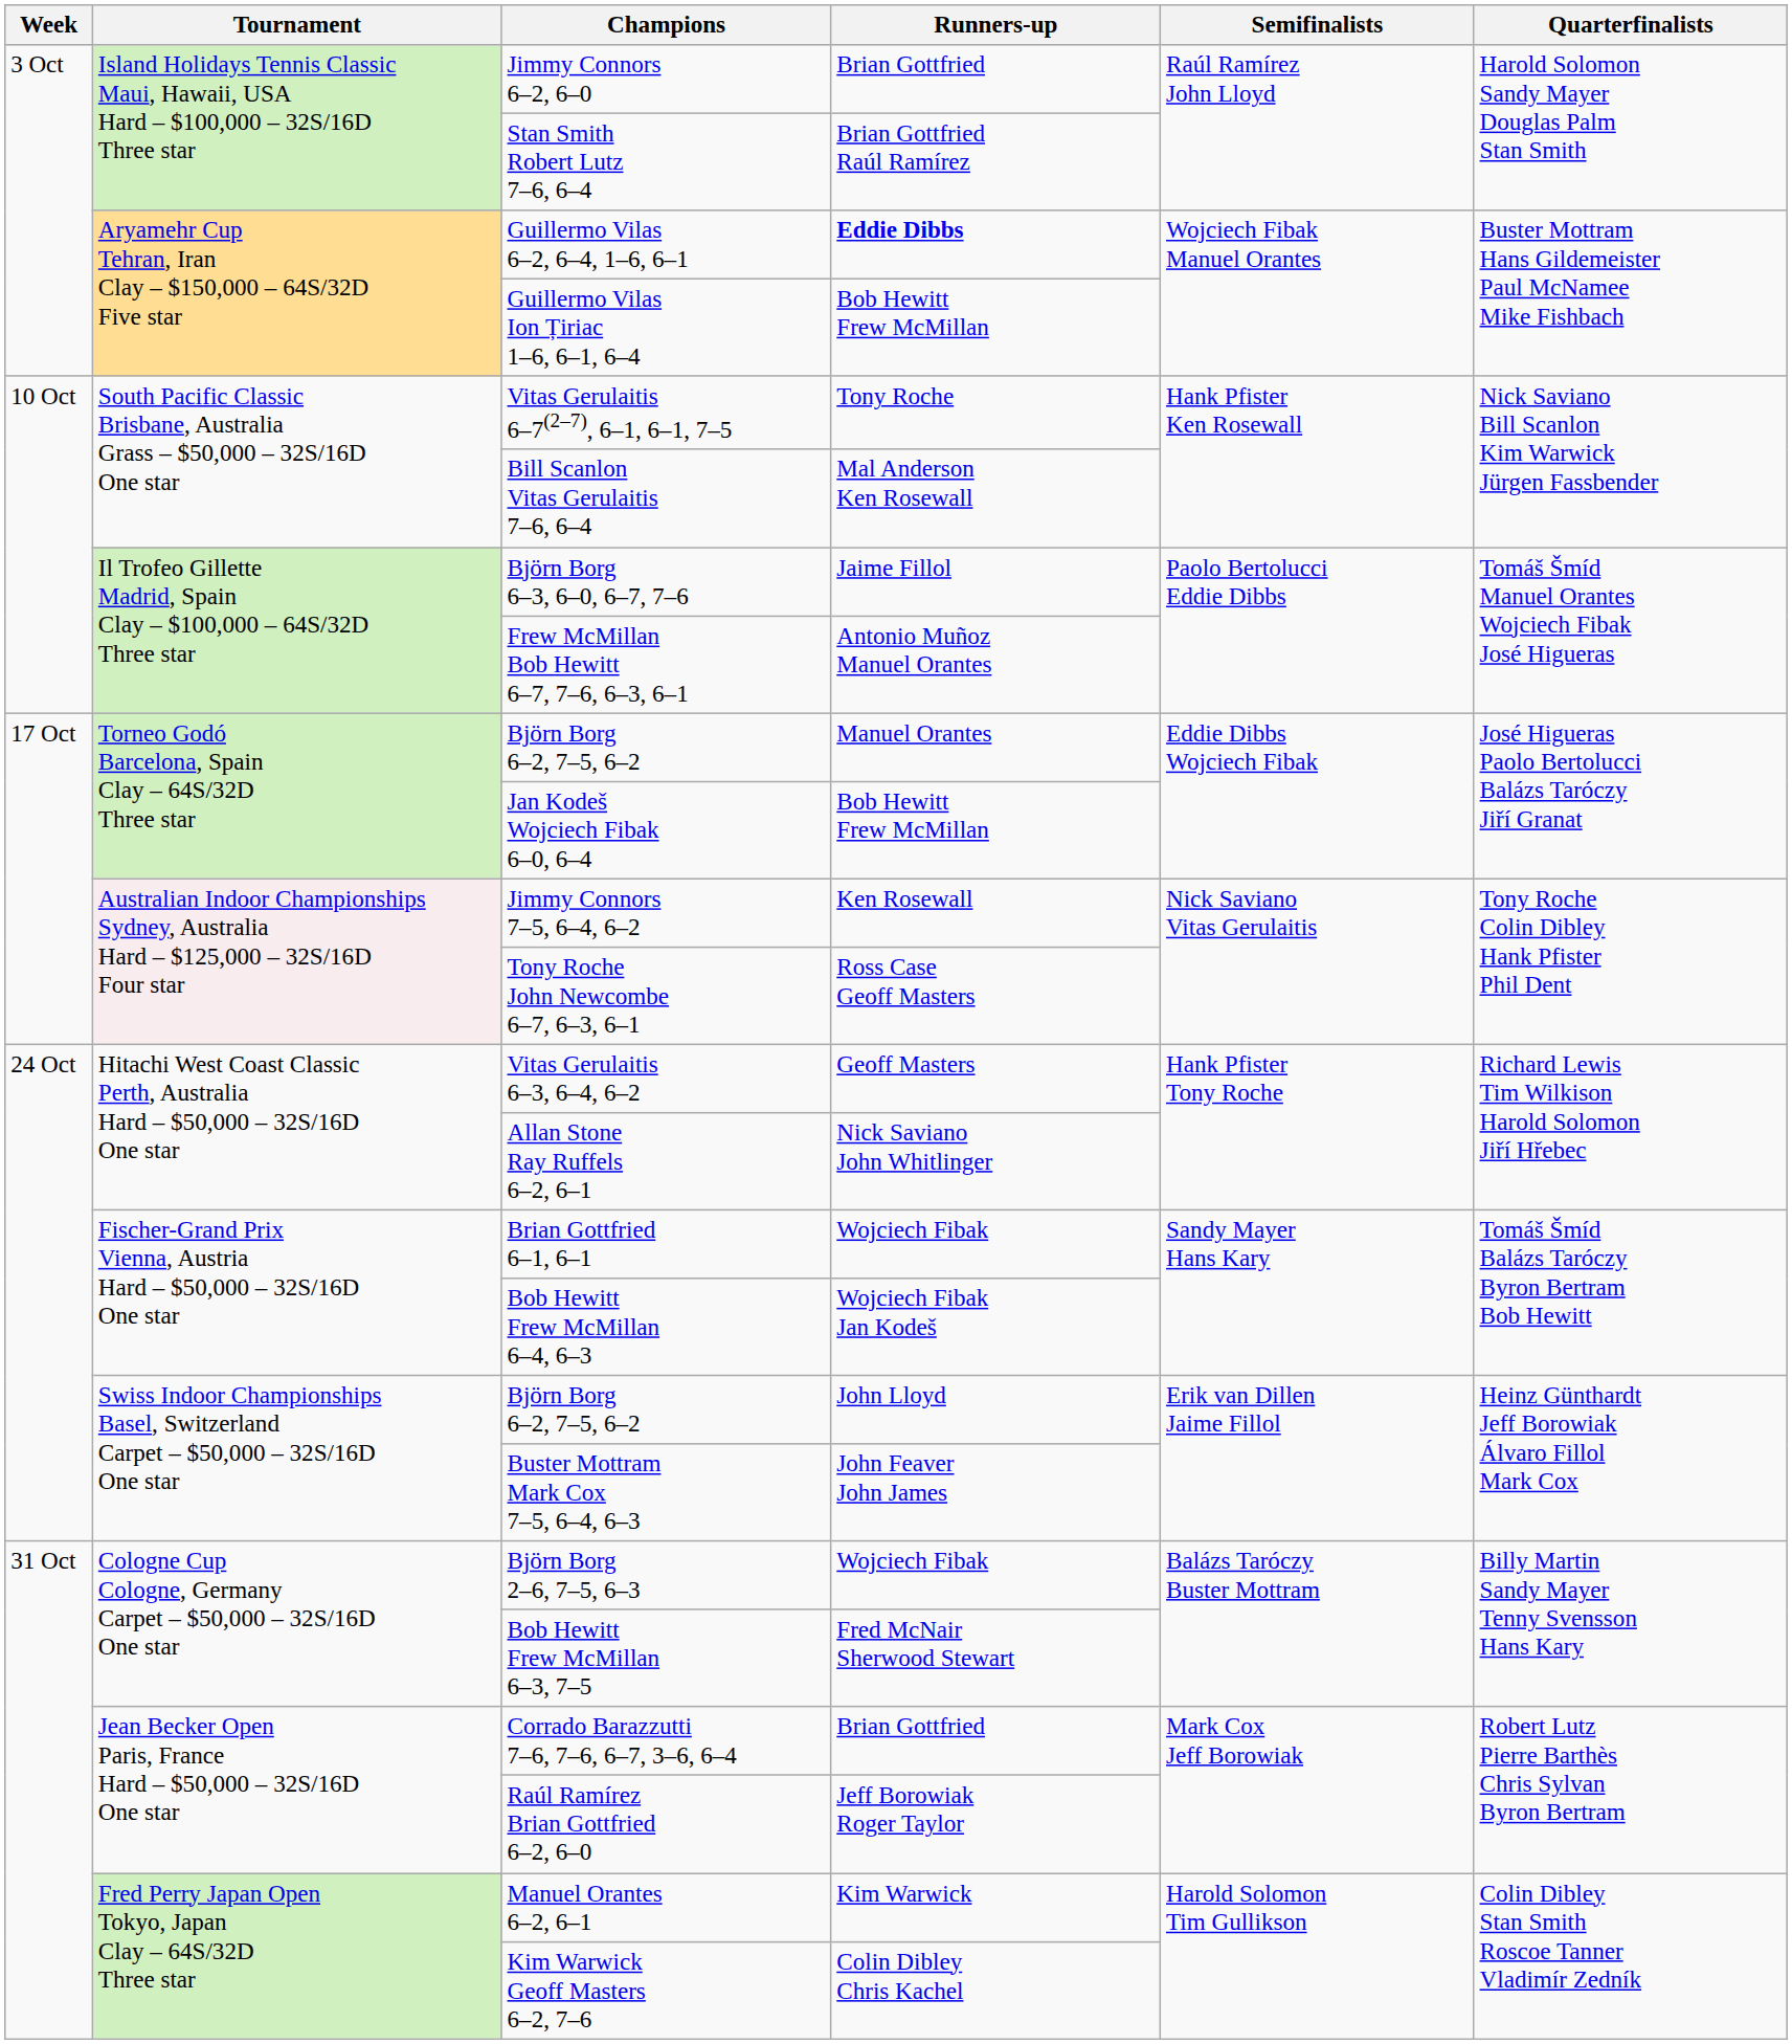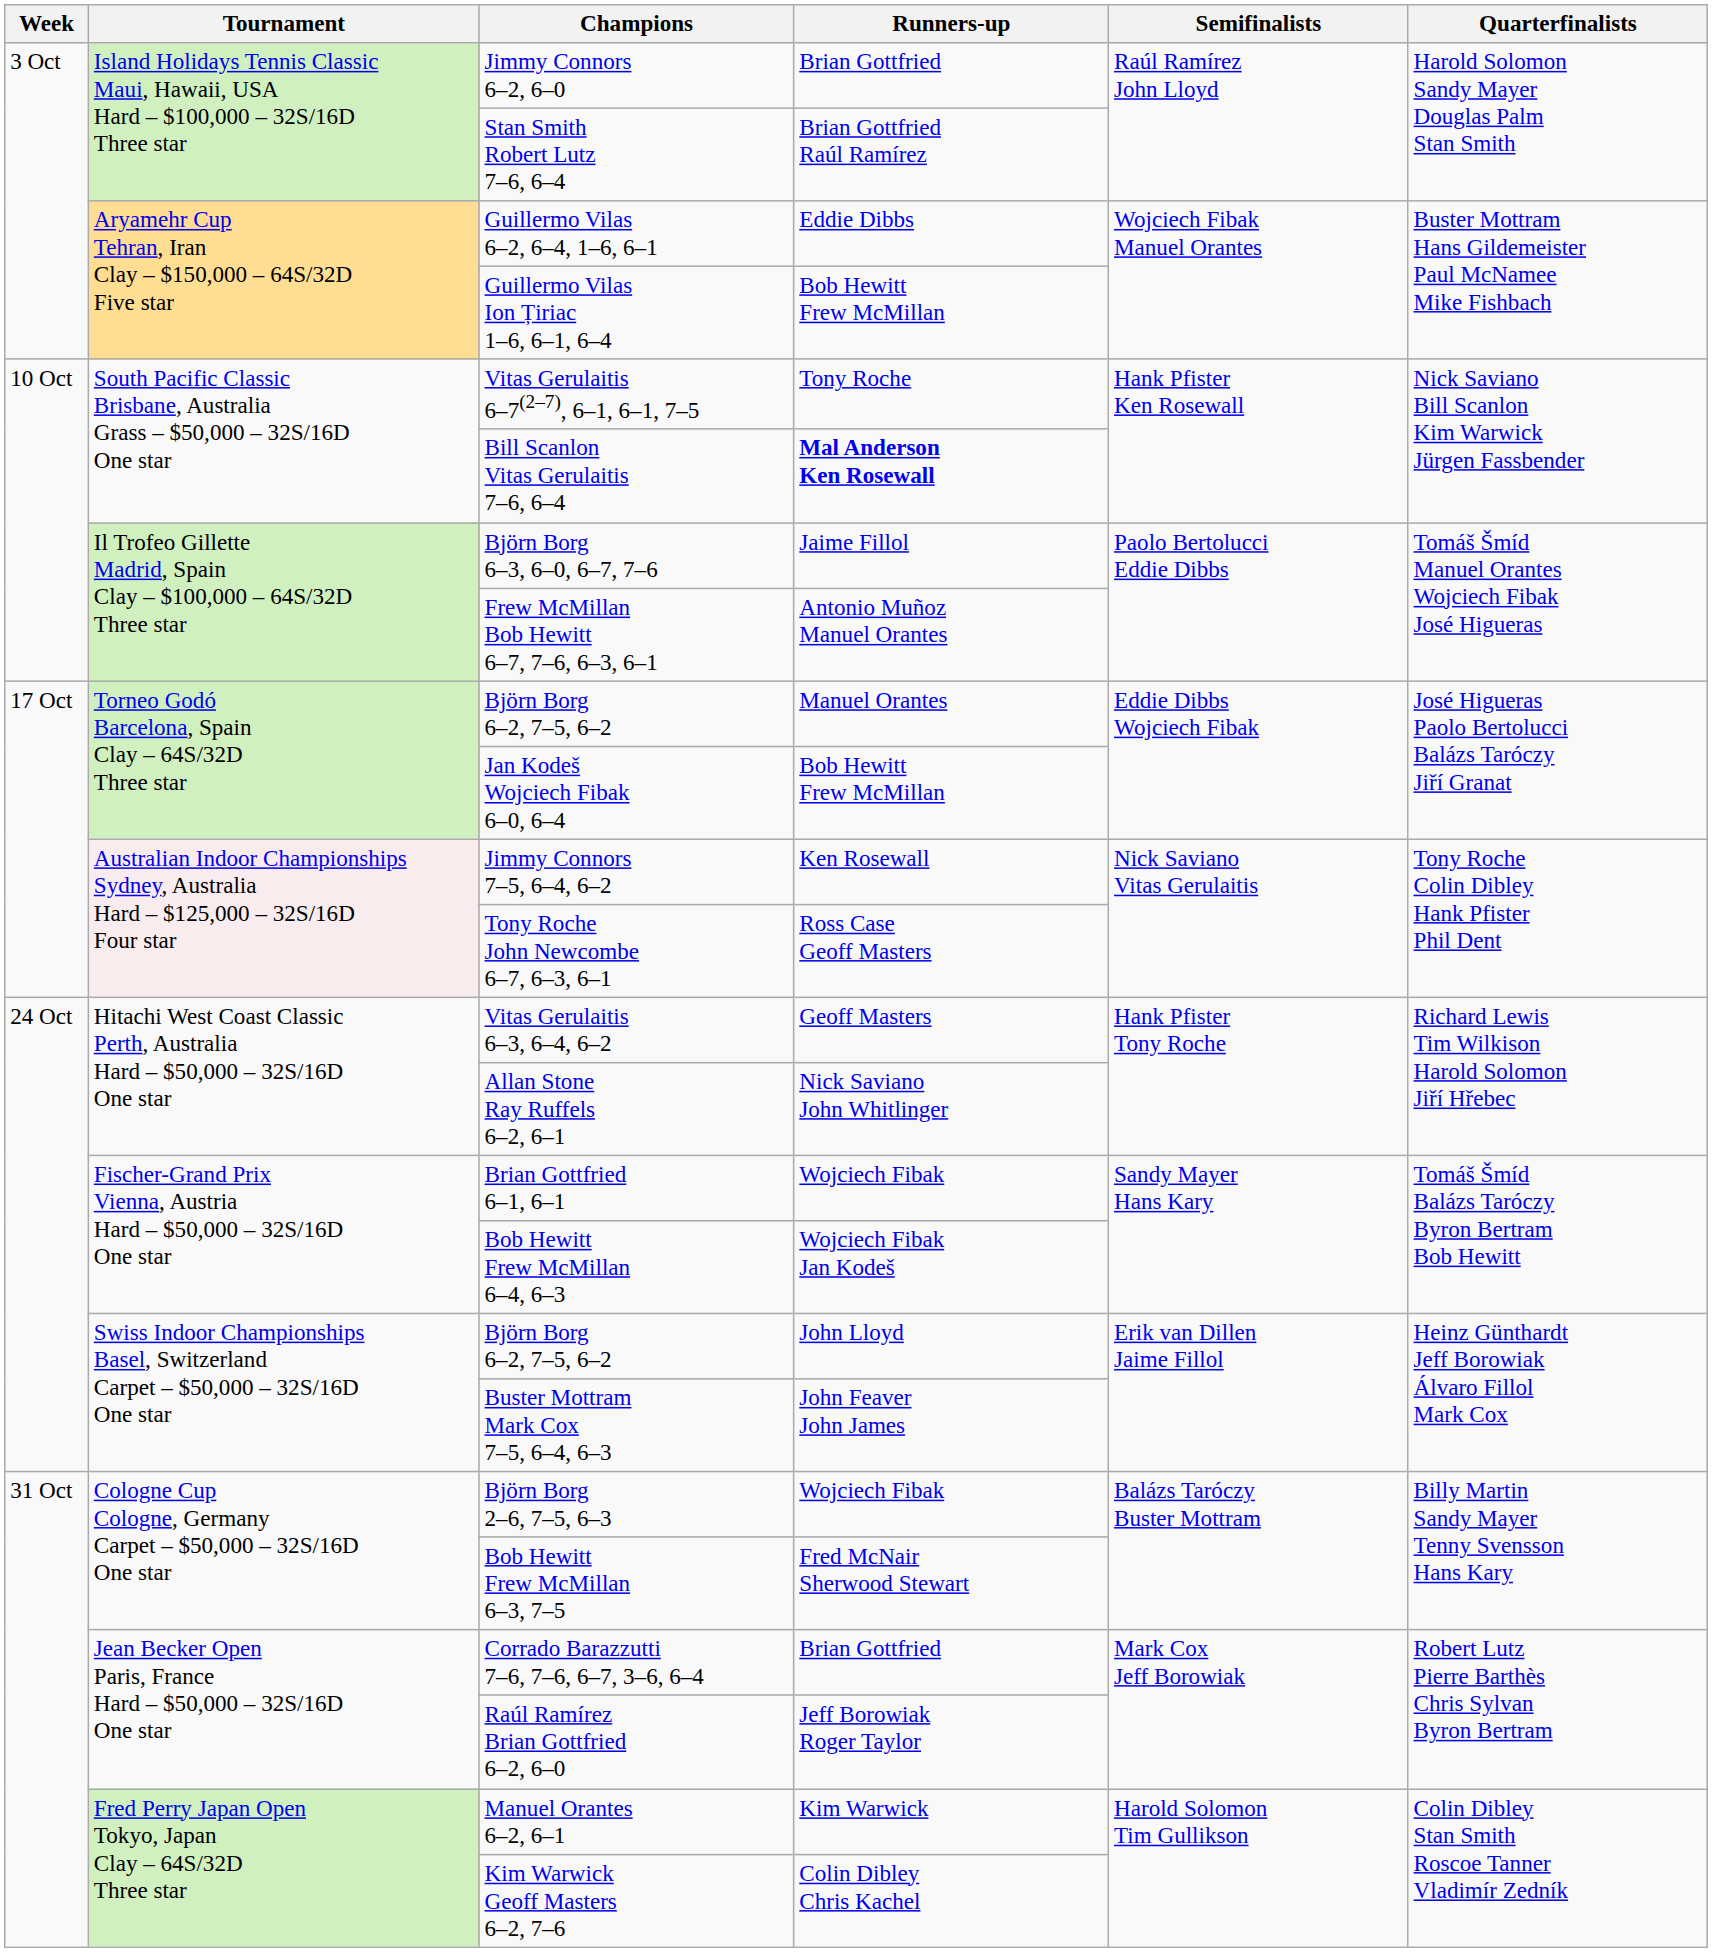 <table class=wikitable style=font-size:95%>
 <tr>
 <th style="width:48px;">Week</th>
 <th style="width:250px;">Tournament</th>
 <th style="width:200px;">Champions</th>
 <th style="width:200px;">Runners-up</th>
 <th style="width:190px;">Semifinalists</th>
 <th style="width:190px;">Quarterfinalists</th>
 </tr>
 <tr valign=top>
 <td rowspan=4>3 Oct</td>
 <td style="background:#d0f0c0;" rowspan=2><a href='#'>Island Holidays Tennis Classic</a> <br> <a href='#'>Maui</a>, Hawaii, USA <br> Hard – $100,000 – 32S/16D <br> Three star</td>
 <td> <a href='#'>Jimmy Connors</a> <br> 6–2, 6–0</td>
 <td> <a href='#'>Brian Gottfried</a></td>
 <td rowspan=2> <a href='#'>Raúl Ramírez</a> <br>  <a href='#'>John Lloyd</a></td>
 <td rowspan=2> <a href='#'>Harold Solomon</a> <br>  <a href='#'>Sandy Mayer</a> <br>  <a href='#'>Douglas Palm</a> <br>  <a href='#'>Stan Smith</a></td>
 </tr>
 <tr valign=top>
 <td> <a href='#'>Stan Smith</a> <br>  <a href='#'>Robert Lutz</a> <br> 7–6, 6–4</td>
 <td> <a href='#'>Brian Gottfried</a> <br>  <a href='#'>Raúl Ramírez</a></td>
 </tr>
 <tr valign=top>
 <td style="background:#FFDD92;" rowspan="2"><a href='#'>Aryamehr Cup</a> <br> <a href='#'>Tehran</a>, Iran <br> Clay – $150,000 – 64S/32D <br> Five star</td>
 <td> <a href='#'>Guillermo Vilas</a> <br> 6–2, 6–4, 1–6, 6–1</td>
-<td><strong> <a href='#'>Eddie Dibbs</a></strong></td>
+<td> <a href='#'>Eddie Dibbs</a></td>
 <td rowspan=2> <a href='#'>Wojciech Fibak</a> <br>  <a href='#'>Manuel Orantes</a></td>
 <td rowspan=2> <a href='#'>Buster Mottram</a> <br>  <a href='#'>Hans Gildemeister</a> <br>  <a href='#'>Paul McNamee</a> <br>  <a href='#'>Mike Fishbach</a></td>
 </tr>
 <tr valign=top>
 <td> <a href='#'>Guillermo Vilas</a> <br>  <a href='#'>Ion Țiriac</a> <br> 1–6, 6–1, 6–4</td>
 <td> <a href='#'>Bob Hewitt</a> <br>  <a href='#'>Frew McMillan</a></td>
 </tr>
 <tr valign=top>
 <td rowspan=4>10 Oct</td>
 <td rowspan=2><a href='#'>South Pacific Classic</a> <br> <a href='#'>Brisbane</a>, Australia <br> Grass – $50,000 – 32S/16D <br> One star</td>
 <td> <a href='#'>Vitas Gerulaitis</a> <br> 6–7<sup>(2–7)</sup>, 6–1, 6–1, 7–5</td>
 <td> <a href='#'>Tony Roche</a></td>
 <td rowspan=2> <a href='#'>Hank Pfister</a> <br>  <a href='#'>Ken Rosewall</a></td>
 <td rowspan=2> <a href='#'>Nick Saviano</a> <br>  <a href='#'>Bill Scanlon</a> <br>  <a href='#'>Kim Warwick</a> <br>  <a href='#'>Jürgen Fassbender</a></td>
 </tr>
 <tr valign=top>
 <td> <a href='#'>Bill Scanlon</a> <br>  <a href='#'>Vitas Gerulaitis</a> <br> 7–6, 6–4</td>
-<td> <a href='#'>Mal Anderson</a> <br>  <a href='#'>Ken Rosewall</a></td>
+<td><strong> <a href='#'>Mal Anderson</a> <br>  <a href='#'>Ken Rosewall</a></strong></td>
 </tr>
 <tr valign=top>
 <td style="background:#d0f0c0;" rowspan=2>Il Trofeo Gillette <br> <a href='#'>Madrid</a>, Spain <br> Clay – $100,000 – 64S/32D <br> Three star</td>
 <td> <a href='#'>Björn Borg</a> <br> 6–3, 6–0, 6–7, 7–6</td>
 <td> <a href='#'>Jaime Fillol</a></td>
 <td rowspan=2> <a href='#'>Paolo Bertolucci</a> <br>  <a href='#'>Eddie Dibbs</a></td>
 <td rowspan=2> <a href='#'>Tomáš Šmíd</a> <br>  <a href='#'>Manuel Orantes</a> <br>  <a href='#'>Wojciech Fibak</a> <br>  <a href='#'>José Higueras</a></td>
 </tr>
 <tr valign=top>
 <td> <a href='#'>Frew McMillan</a> <br>  <a href='#'>Bob Hewitt</a> <br> 6–7, 7–6, 6–3, 6–1</td>
 <td> <a href='#'>Antonio Muñoz</a> <br>  <a href='#'>Manuel Orantes</a></td>
 </tr>
 <tr valign=top>
 <td rowspan=4>17 Oct</td>
 <td style="background:#d0f0c0;" rowspan=2><a href='#'>Torneo Godó</a> <br> <a href='#'>Barcelona</a>, Spain <br> Clay – 64S/32D<br> Three star</td>
 <td> <a href='#'>Björn Borg</a> <br> 6–2, 7–5, 6–2</td>
 <td> <a href='#'>Manuel Orantes</a></td>
 <td rowspan=2> <a href='#'>Eddie Dibbs</a> <br>  <a href='#'>Wojciech Fibak</a></td>
 <td rowspan=2> <a href='#'>José Higueras</a> <br>  <a href='#'>Paolo Bertolucci</a> <br>  <a href='#'>Balázs Taróczy</a> <br>  <a href='#'>Jiří Granat</a></td>
 </tr>
 <tr valign=top>
 <td> <a href='#'>Jan Kodeš</a> <br>  <a href='#'>Wojciech Fibak</a> <br> 6–0, 6–4</td>
 <td> <a href='#'>Bob Hewitt</a> <br>  <a href='#'>Frew McMillan</a></td>
 </tr>
 <tr valign=top>
 <td style="background:#F8ECEF;" rowspan="2"><a href='#'>Australian Indoor Championships</a> <br> <a href='#'>Sydney</a>, Australia <br> Hard – $125,000 – 32S/16D <br> Four star</td>
 <td> <a href='#'>Jimmy Connors</a> <br> 7–5, 6–4, 6–2</td>
 <td> <a href='#'>Ken Rosewall</a></td>
 <td rowspan=2> <a href='#'>Nick Saviano</a> <br>  <a href='#'>Vitas Gerulaitis</a></td>
 <td rowspan=2> <a href='#'>Tony Roche</a> <br>  <a href='#'>Colin Dibley</a> <br>  <a href='#'>Hank Pfister</a> <br>  <a href='#'>Phil Dent</a></td>
 </tr>
 <tr valign=top>
 <td> <a href='#'>Tony Roche</a> <br>  <a href='#'>John Newcombe</a> <br> 6–7, 6–3, 6–1</td>
 <td> <a href='#'>Ross Case</a> <br>  <a href='#'>Geoff Masters</a></td>
 </tr>
 <tr valign=top>
 <td rowspan=6>24 Oct</td>
 <td rowspan=2>Hitachi West Coast Classic <br> <a href='#'>Perth</a>, Australia <br> Hard – $50,000 – 32S/16D <br> One star</td>
 <td> <a href='#'>Vitas Gerulaitis</a> <br> 6–3, 6–4, 6–2</td>
 <td> <a href='#'>Geoff Masters</a></td>
 <td rowspan=2> <a href='#'>Hank Pfister</a> <br>  <a href='#'>Tony Roche</a></td>
 <td rowspan=2> <a href='#'>Richard Lewis</a> <br>  <a href='#'>Tim Wilkison</a> <br>  <a href='#'>Harold Solomon</a> <br>  <a href='#'>Jiří Hřebec</a></td>
 </tr>
 <tr valign=top>
 <td> <a href='#'>Allan Stone</a> <br>  <a href='#'>Ray Ruffels</a> <br> 6–2, 6–1</td>
 <td> <a href='#'>Nick Saviano</a> <br>  <a href='#'>John Whitlinger</a></td>
 </tr>
 <tr valign=top>
 <td rowspan=2><a href='#'>Fischer-Grand Prix</a> <br> <a href='#'>Vienna</a>, Austria <br> Hard – $50,000 – 32S/16D <br> One star</td>
 <td> <a href='#'>Brian Gottfried</a> <br> 6–1, 6–1</td>
 <td> <a href='#'>Wojciech Fibak</a></td>
 <td rowspan=2> <a href='#'>Sandy Mayer</a> <br>  <a href='#'>Hans Kary</a></td>
 <td rowspan=2> <a href='#'>Tomáš Šmíd</a> <br>  <a href='#'>Balázs Taróczy</a> <br>  <a href='#'>Byron Bertram</a> <br>  <a href='#'>Bob Hewitt</a></td>
 </tr>
 <tr valign=top>
 <td> <a href='#'>Bob Hewitt</a> <br>  <a href='#'>Frew McMillan</a> <br> 6–4, 6–3</td>
 <td> <a href='#'>Wojciech Fibak</a> <br>  <a href='#'>Jan Kodeš</a></td>
 </tr>
 <tr valign=top>
 <td rowspan=2><a href='#'>Swiss Indoor Championships</a> <br>  <a href='#'>Basel</a>, Switzerland <br> Carpet – $50,000 – 32S/16D <br> One star</td>
 <td> <a href='#'>Björn Borg</a> <br> 6–2, 7–5, 6–2</td>
 <td> <a href='#'>John Lloyd</a></td>
 <td rowspan=2> <a href='#'>Erik van Dillen</a> <br>  <a href='#'>Jaime Fillol</a></td>
 <td rowspan=2> <a href='#'>Heinz Günthardt</a> <br>  <a href='#'>Jeff Borowiak</a> <br>  <a href='#'>Álvaro Fillol</a> <br>  <a href='#'>Mark Cox</a></td>
 </tr>
 <tr valign=top>
 <td> <a href='#'>Buster Mottram</a> <br>  <a href='#'>Mark Cox</a> <br> 7–5, 6–4, 6–3</td>
 <td> <a href='#'>John Feaver</a> <br>  <a href='#'>John James</a></td>
 </tr>
 <tr valign=top>
 <td rowspan=6>31 Oct</td>
 <td rowspan=2><a href='#'>Cologne Cup</a> <br> <a href='#'>Cologne</a>, Germany <br> Carpet – $50,000 – 32S/16D <br> One star</td>
 <td> <a href='#'>Björn Borg</a> <br> 2–6, 7–5, 6–3</td>
 <td> <a href='#'>Wojciech Fibak</a></td>
 <td rowspan=2> <a href='#'>Balázs Taróczy</a> <br>  <a href='#'>Buster Mottram</a></td>
 <td rowspan=2> <a href='#'>Billy Martin</a> <br>  <a href='#'>Sandy Mayer</a> <br>  <a href='#'>Tenny Svensson</a> <br>  <a href='#'>Hans Kary</a></td>
 </tr>
 <tr valign=top>
 <td> <a href='#'>Bob Hewitt</a> <br>  <a href='#'>Frew McMillan</a> <br> 6–3, 7–5</td>
 <td> <a href='#'>Fred McNair</a> <br>  <a href='#'>Sherwood Stewart</a></td>
 </tr>
 <tr valign=top>
 <td rowspan=2><a href='#'>Jean Becker Open</a> <br> Paris, France <br> Hard – $50,000 – 32S/16D <br> One star</td>
 <td> <a href='#'>Corrado Barazzutti</a> <br> 7–6, 7–6, 6–7, 3–6, 6–4</td>
 <td> <a href='#'>Brian Gottfried</a></td>
 <td rowspan=2> <a href='#'>Mark Cox</a> <br>  <a href='#'>Jeff Borowiak</a></td>
 <td rowspan=2> <a href='#'>Robert Lutz</a> <br>  <a href='#'>Pierre Barthès</a> <br>  <a href='#'>Chris Sylvan</a> <br>  <a href='#'>Byron Bertram</a></td>
 </tr>
 <tr valign=top>
 <td> <a href='#'>Raúl Ramírez</a> <br>  <a href='#'>Brian Gottfried</a> <br> 6–2, 6–0</td>
 <td> <a href='#'>Jeff Borowiak</a> <br>  <a href='#'>Roger Taylor</a></td>
 </tr>
 <tr valign=top>
 <td style="background:#d0f0c0;" rowspan=2><a href='#'>Fred Perry Japan Open</a> <br> Tokyo, Japan <br> Clay – 64S/32D <br> Three star</td>
 <td> <a href='#'>Manuel Orantes</a> <br> 6–2, 6–1</td>
 <td> <a href='#'>Kim Warwick</a></td>
 <td rowspan=2> <a href='#'>Harold Solomon</a> <br>  <a href='#'>Tim Gullikson</a></td>
 <td rowspan=2> <a href='#'>Colin Dibley</a> <br>  <a href='#'>Stan Smith</a> <br>  <a href='#'>Roscoe Tanner</a> <br>  <a href='#'>Vladimír Zedník</a></td>
 </tr>
 <tr valign=top>
 <td> <a href='#'>Kim Warwick</a> <br>  <a href='#'>Geoff Masters</a> <br> 6–2, 7–6</td>
 <td> <a href='#'>Colin Dibley</a> <br>  <a href='#'>Chris Kachel</a></td>
 </tr>
 </table>
